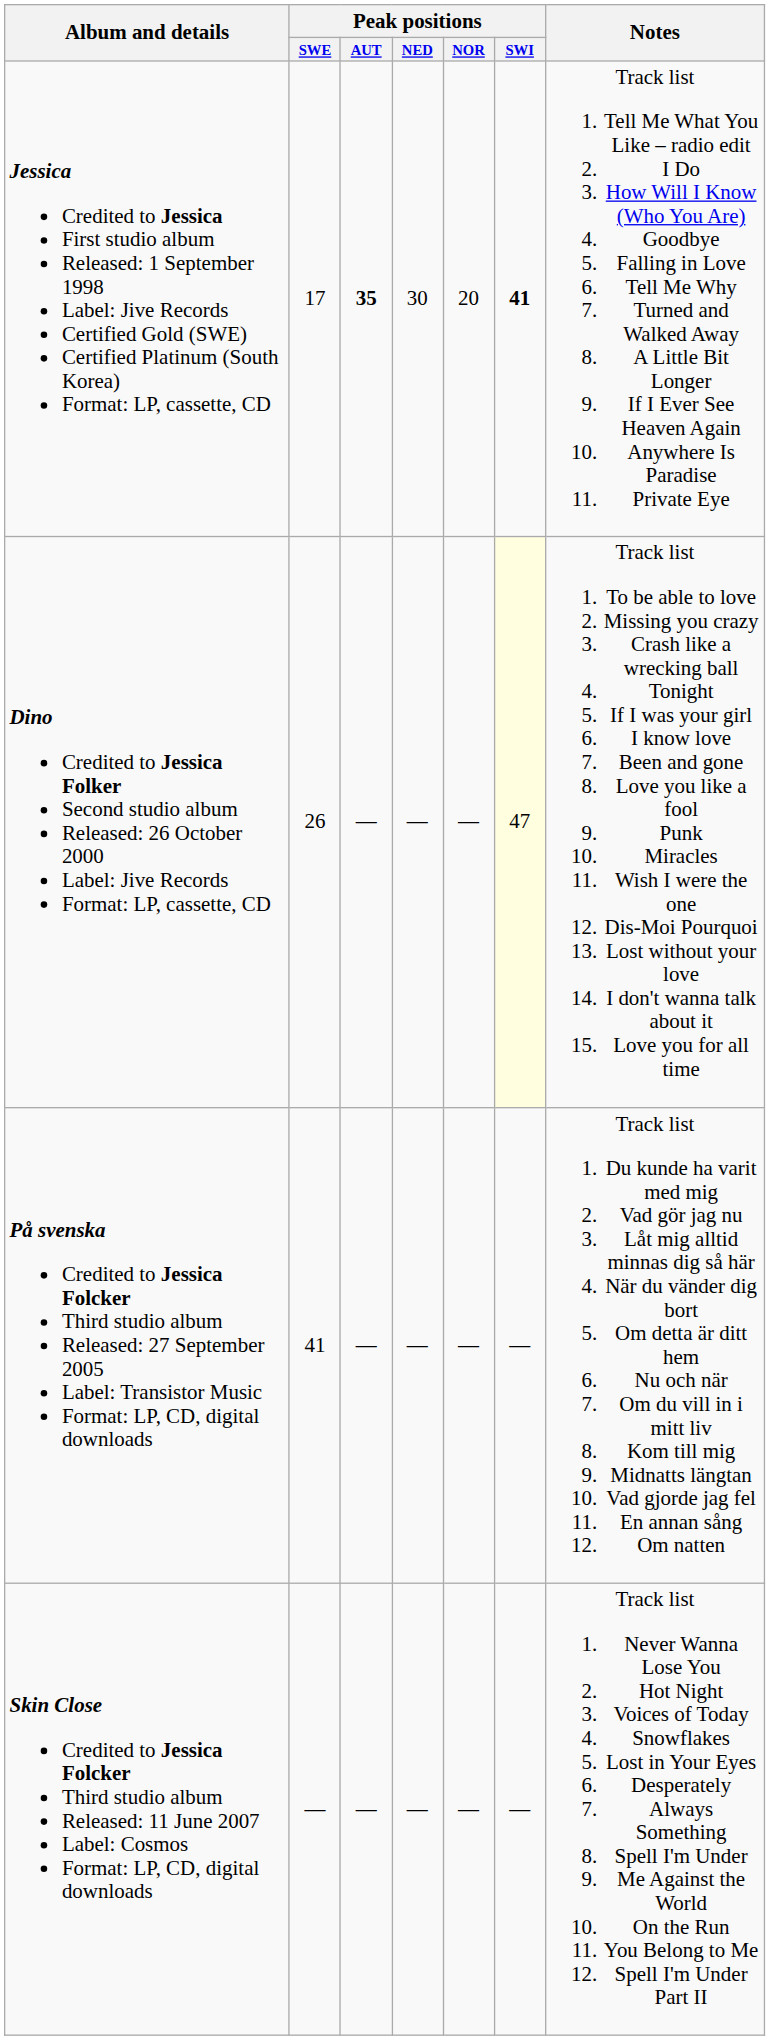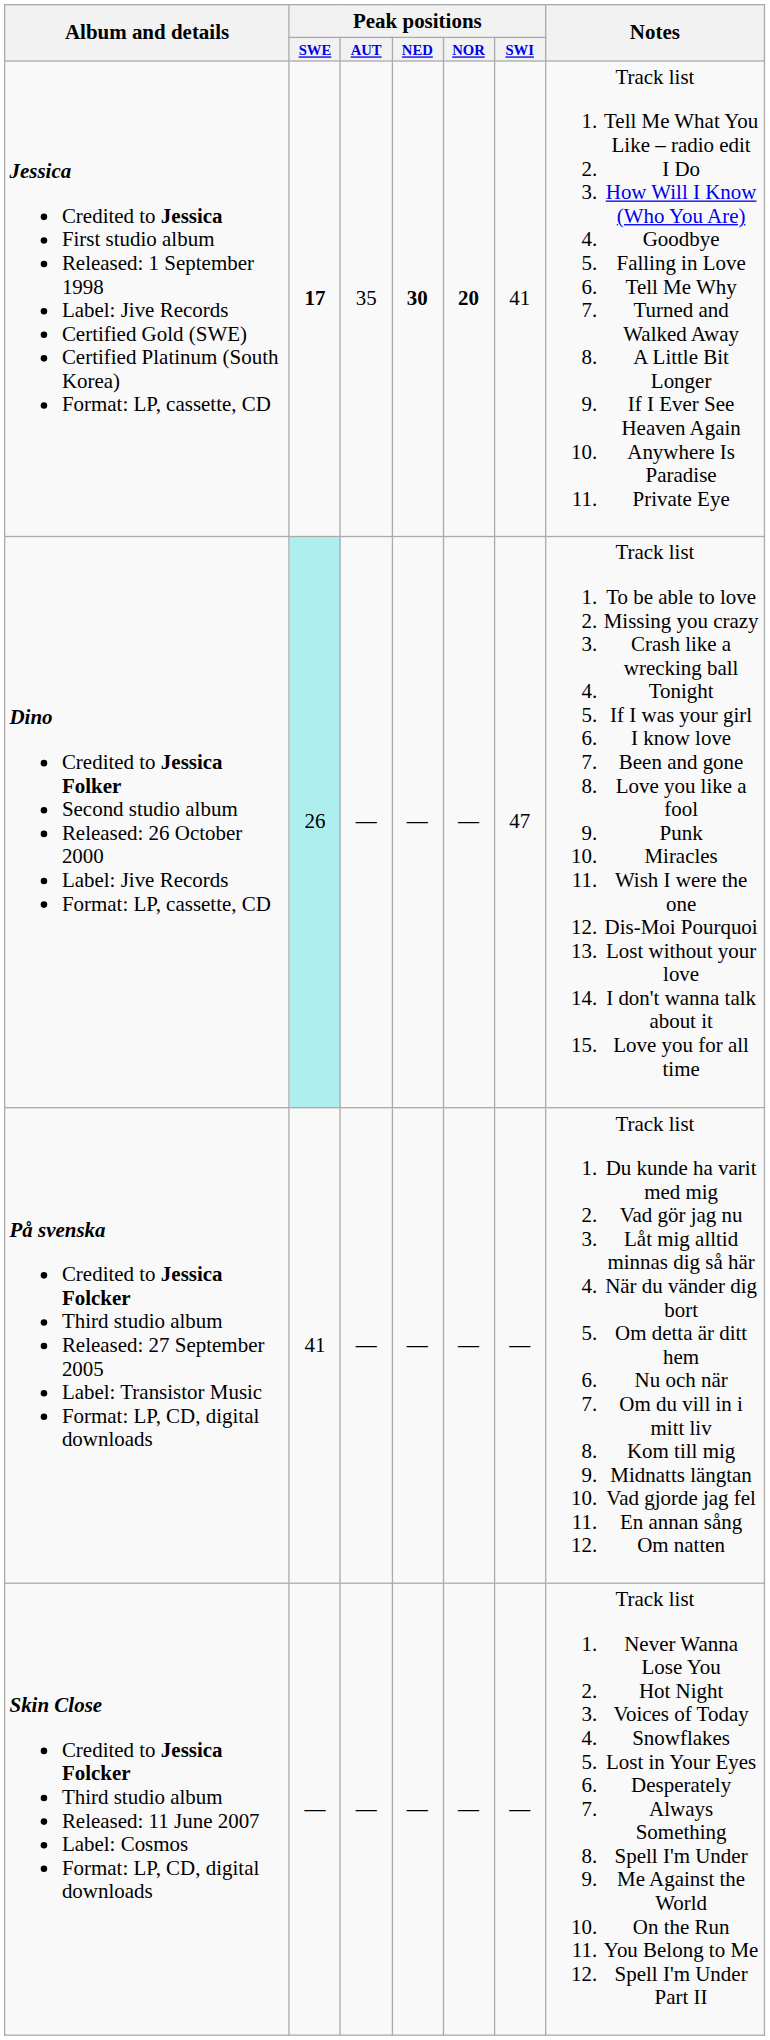 <table class="wikitable">
 <tr>
 <th align="center" rowspan="2" width="210">Album and details</th>
 <th align="center" colspan="5" width="20">Peak positions</th>
 <th align="center" rowspan="2" width="160">Notes</th>
 </tr>
 <tr>
 <th scope="col" style="width:3em;font-size:70%;"><a href='#'>SWE</a><br></th>
 <th scope="col" style="width:3em;font-size:70%;"><a href='#'>AUT</a><br></th>
 <th scope="col" style="width:3em;font-size:70%;"><a href='#'>NED</a></th>
 <th scope="col" style="width:3em;font-size:70%;"><a href='#'>NOR</a><br></th>
 <th scope="col" style="width:3em;font-size:70%;"><a href='#'>SWI</a><br></th>
 </tr>
 <tr>
 <td><strong><em>Jessica</em></strong><br><ul><li>Credited to <strong>Jessica</strong></li><li>First studio album</li><li>Released: 1 September 1998</li><li>Label: Jive Records</li><li>Certified Gold (SWE)</li><li>Certified Platinum (South Korea)</li><li>Format: LP, cassette, CD</li></ul></td>
-<td style="text-align:center;">17</td>
-<td style="text-align:center;"><strong>35</strong></td>
-<td style="text-align:center;">30</td>
-<td style="text-align:center;">20</td>
-<td style="text-align:center;"><strong>41</strong></td>
+<td style="text-align:center;"><strong>17</strong></td>
+<td style="text-align:center;">35</td>
+<td style="text-align:center;"><strong>30</strong></td>
+<td style="text-align:center;"><strong>20</strong></td>
+<td style="text-align:center;">41</td>
 <td style="text-align:center;">Track list<br><ol><li>Tell Me What You Like – radio edit</li><li>I Do</li><li><a href='#'>How Will I Know (Who You Are)</a></li><li>Goodbye</li><li>Falling in Love</li><li>Tell Me Why</li><li>Turned and Walked Away</li><li>A Little Bit Longer</li><li>If I Ever See Heaven Again</li><li>Anywhere Is Paradise</li><li>Private Eye</li></ol></td>
 </tr>
 <tr>
 <td><strong><em>Dino</em></strong><br><ul><li>Credited to <strong>Jessica Folker</strong></li><li>Second studio album</li><li>Released: 26 October 2000</li><li>Label: Jive Records</li><li>Format: LP, cassette, CD</li></ul></td>
-<td style="text-align:center;">26</td>
+<td style="background: paleturquoise; text-align:center;">26</td>
 <td style="text-align:center;">—</td>
 <td style="text-align:center;">—</td>
 <td style="text-align:center;">—</td>
-<td style="background: lightyellow; text-align:center;">47</td>
+<td style="text-align:center;">47</td>
 <td style="text-align:center;">Track list<br><ol><li>To be able to love</li><li>Missing you crazy</li><li>Crash like a wrecking ball</li><li>Tonight</li><li>If I was your girl</li><li>I know love</li><li>Been and gone</li><li>Love you like a fool</li><li>Punk</li><li>Miracles</li><li>Wish I were the one</li><li>Dis-Moi Pourquoi</li><li>Lost without your love</li><li>I don't wanna talk about it</li><li>Love you for all time</li></ol></td>
 </tr>
 <tr>
 <td><strong><em>På svenska</em></strong><br><ul><li>Credited to <strong>Jessica Folcker</strong></li><li>Third studio album</li><li>Released: 27 September 2005</li><li>Label: Transistor Music</li><li>Format: LP, CD, digital downloads</li></ul></td>
 <td style="text-align:center;">41</td>
 <td style="text-align:center;">—</td>
 <td style="text-align:center;">—</td>
 <td style="text-align:center;">—</td>
 <td style="text-align:center;">—</td>
 <td style="text-align:center;">Track list<br><ol><li>Du kunde ha varit med mig</li><li>Vad gör jag nu</li><li>Låt mig alltid minnas dig så här</li><li>När du vänder dig bort</li><li>Om detta är ditt hem</li><li>Nu och när</li><li>Om du vill in i mitt liv</li><li>Kom till mig</li><li>Midnatts längtan</li><li>Vad gjorde jag fel</li><li>En annan sång</li><li>Om natten</li></ol></td>
 </tr>
 <tr>
 <td><strong><em>Skin Close</em></strong><br><ul><li>Credited to <strong>Jessica Folcker</strong></li><li>Third studio album</li><li>Released: 11 June 2007</li><li>Label: Cosmos</li><li>Format: LP, CD, digital downloads</li></ul></td>
 <td style="text-align:center;">—</td>
 <td style="text-align:center;">—</td>
 <td style="text-align:center;">—</td>
 <td style="text-align:center;">—</td>
 <td style="text-align:center;">—</td>
 <td style="text-align:center;">Track list<br><ol><li>Never Wanna Lose You</li><li>Hot Night</li><li>Voices of Today</li><li>Snowflakes</li><li>Lost in Your Eyes</li><li>Desperately</li><li>Always Something</li><li>Spell I'm Under</li><li>Me Against the World</li><li>On the Run</li><li>You Belong to Me</li><li>Spell I'm Under Part II</li></ol></td>
 </tr>
 </table>
